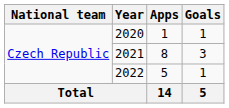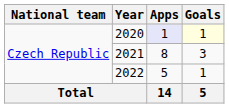 <table class="wikitable" style="text-align:center">
 <tr>
 <th>National team</th>
 <th>Year</th>
 <th>Apps</th>
 <th>Goals</th>
 </tr>
 <tr>
 <td rowspan="3"><a href='#'>Czech Republic</a></td>
 <td>2020</td>
-<td>1</td>
-<td>1</td>
+<td style="background: lavender;">1</td>
+<td style="background: lightyellow;">1</td>
 </tr>
 <tr>
 <td>2021</td>
 <td>8</td>
 <td>3</td>
 </tr>
 <tr>
 <td>2022</td>
 <td>5</td>
 <td>1</td>
 </tr>
 <tr>
 <th colspan="2">Total</th>
 <th>14</th>
 <th>5</th>
 </tr>
 </table>
